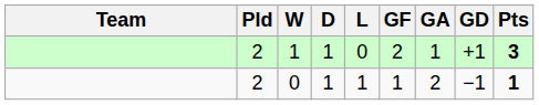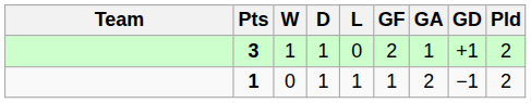 <table class="wikitable" style="text-align:center;">
 <tr>
 <th width=180>Team</th>
-<th width=20>Pld</th>
+<th width=20>Pts</th>
 <th width=20>W</th>
 <th width=20>D</th>
 <th width=20>L</th>
 <th width=20>GF</th>
 <th width=20>GA</th>
 <th width=20>GD</th>
-<th width=20>Pts</th>
+<th width=20>Pld</th>
 </tr>
 <tr bgcolor="ccffcc">
 <td align="left"></td>
-<td>2</td>
+<td><strong>3</strong></td>
 <td>1</td>
 <td>1</td>
 <td>0</td>
 <td>2</td>
 <td>1</td>
 <td>+1</td>
-<td><strong>3</strong></td>
+<td>2</td>
 </tr>
 <tr>
 <td align="left"></td>
-<td>2</td>
+<td><strong>1</strong></td>
 <td>0</td>
 <td>1</td>
 <td>1</td>
 <td>1</td>
 <td>2</td>
 <td>−1</td>
-<td><strong>1</strong></td>
+<td>2</td>
 </tr>
 </table>
